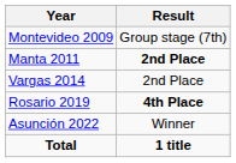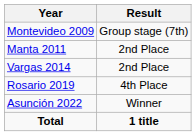 <table class="wikitable" style="text-align: center;">
 <tr>
 <th>Year</th>
 <th>Result</th>
 </tr>
 <tr>
 <td style="text-align:left;"> <a href='#'>Montevideo 2009</a></td>
 <td>Group stage (7th)</td>
 </tr>
 <tr>
 <td style="text-align:left;"> <a href='#'>Manta 2011</a></td>
-<td><strong>2nd Place</strong></td>
+<td>2nd Place</td>
 </tr>
 <tr>
 <td style="text-align:left;"> <a href='#'>Vargas 2014</a></td>
 <td>2nd Place</td>
 </tr>
 <tr>
 <td style="text-align:left;"> <a href='#'>Rosario 2019</a></td>
-<td><strong>4th Place</strong></td>
+<td>4th Place</td>
 </tr>
 <tr>
 <td style="text-align:left;"> <a href='#'>Asunción 2022</a></td>
 <td>Winner</td>
 </tr>
 <tr>
 <td><strong>Total</strong></td>
 <td><strong>1 title</strong></td>
 </tr>
 </table>
